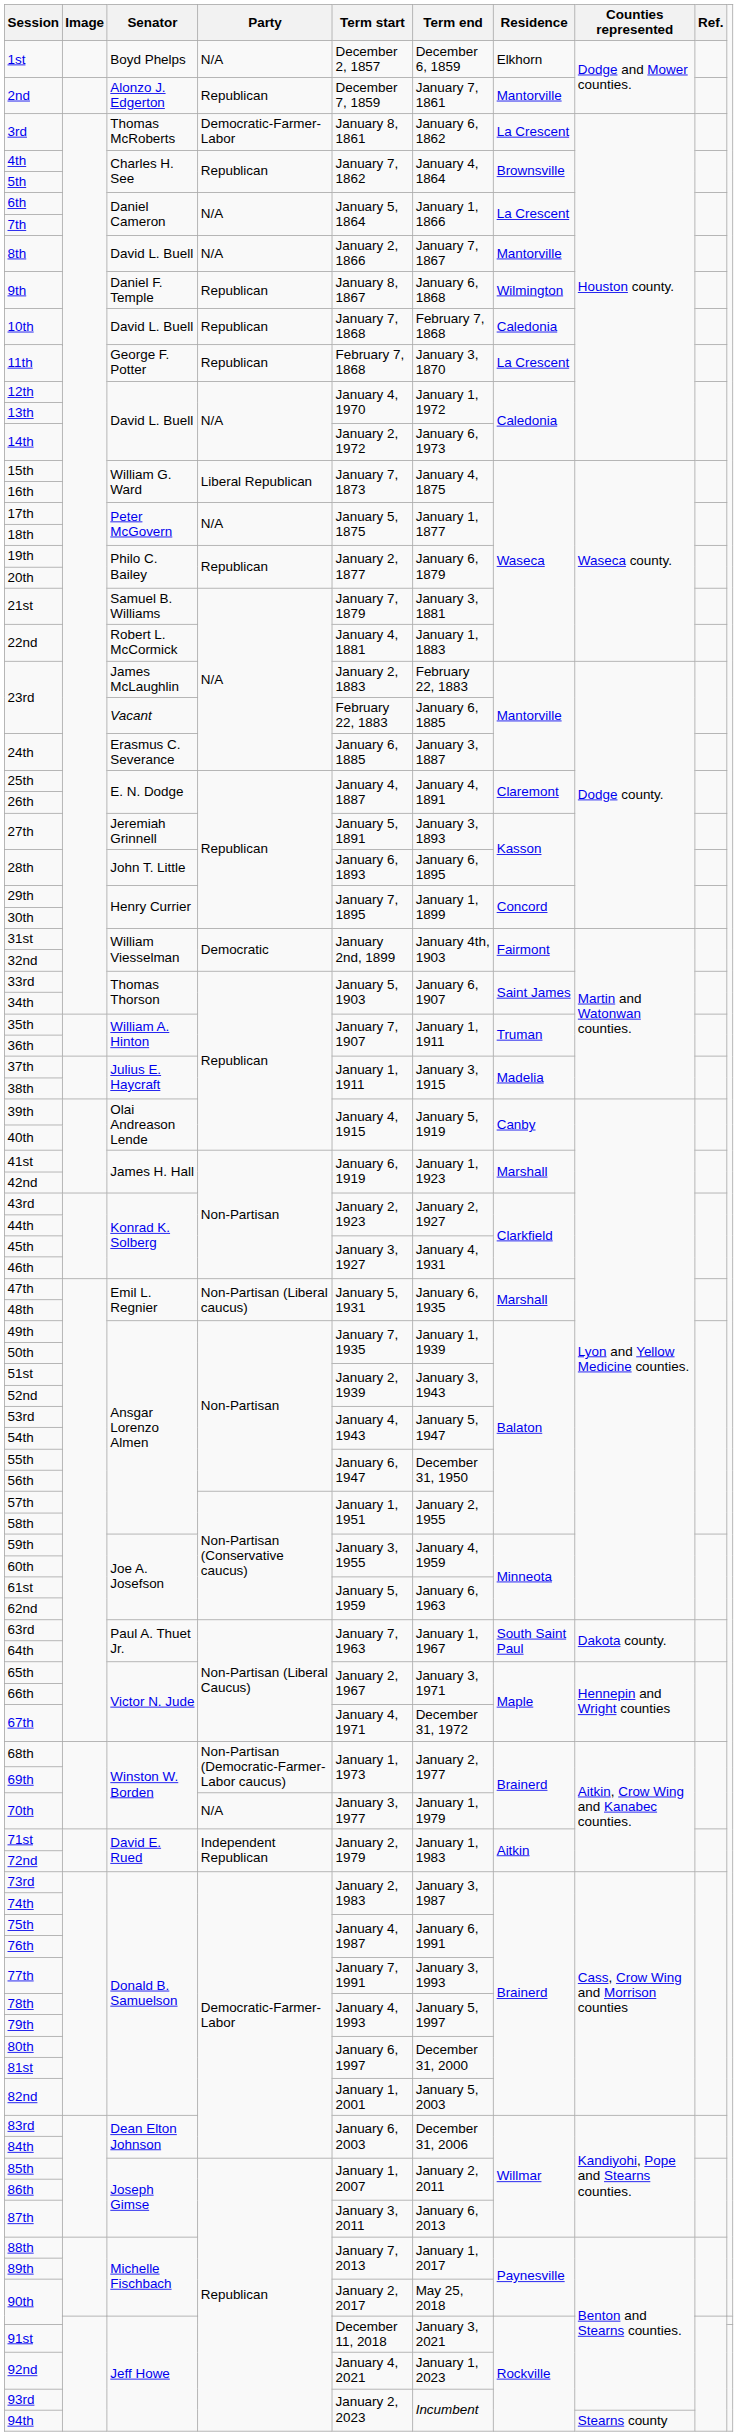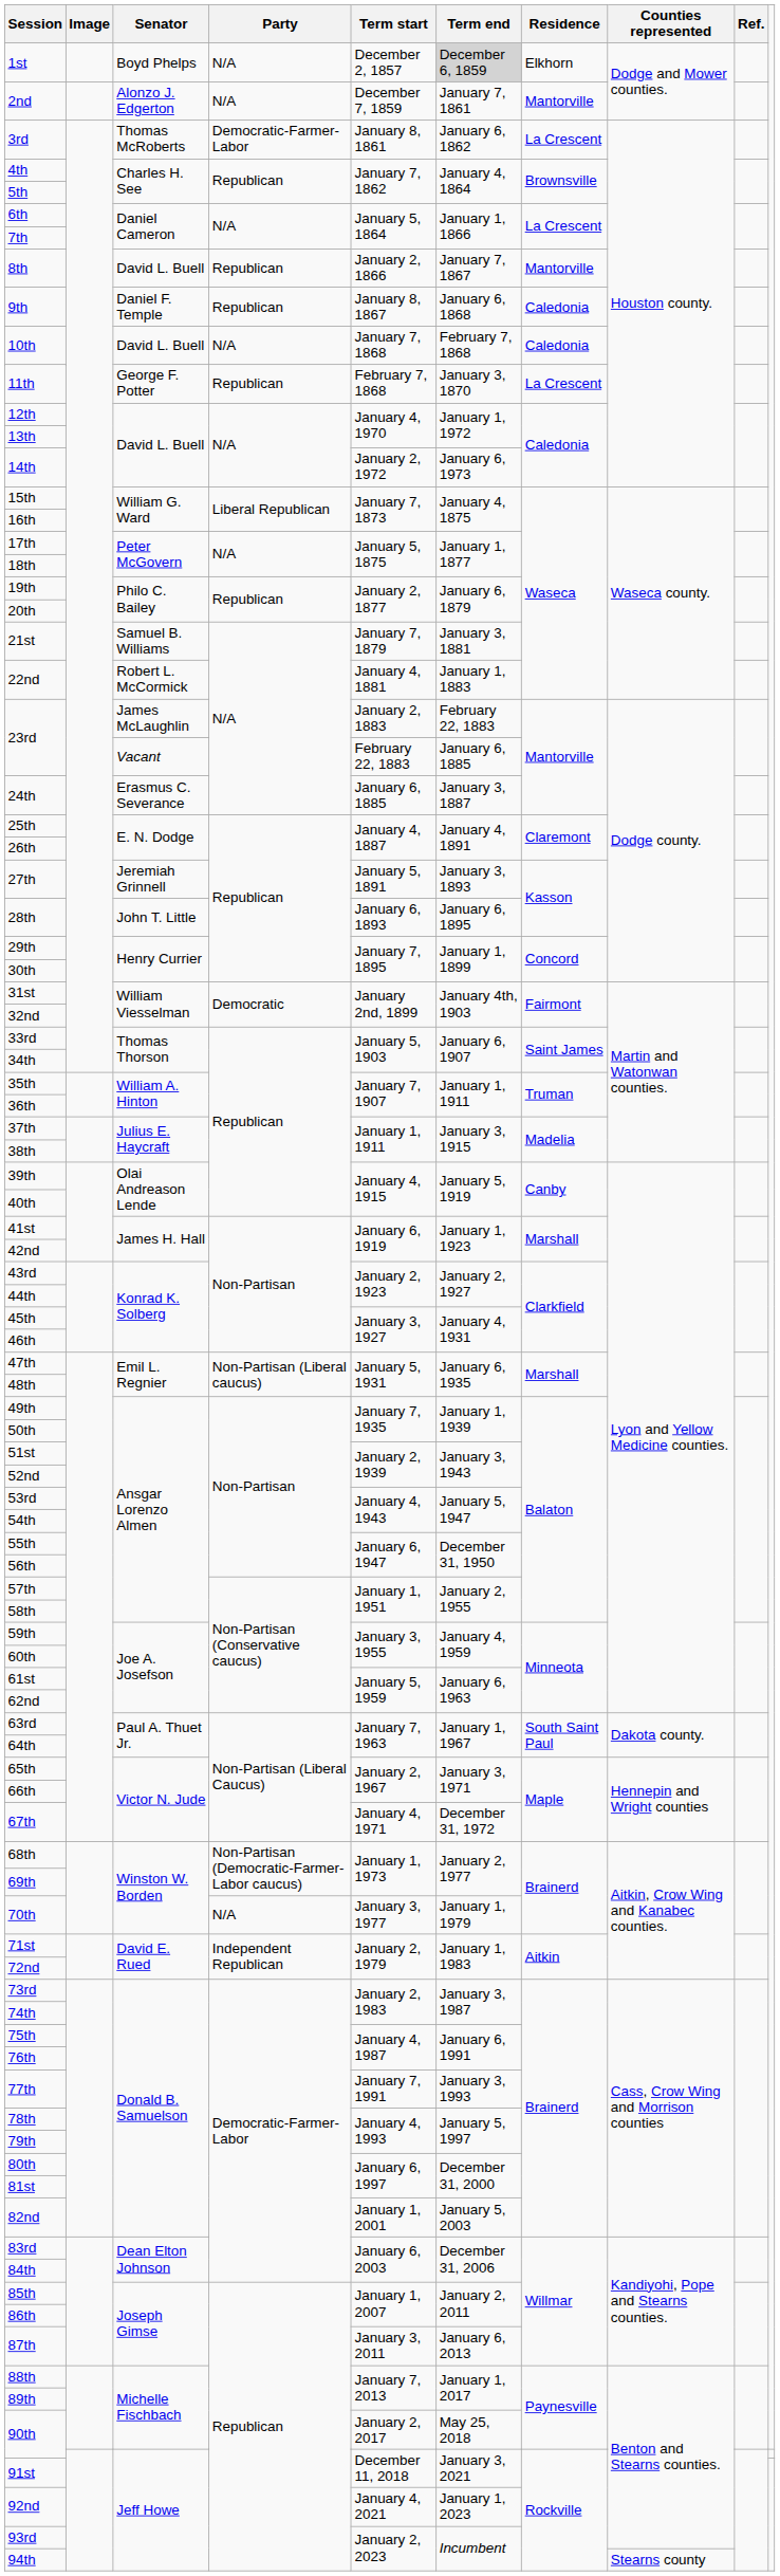 <table class="wikitable">
 <tr>
 <th>Session</th>
 <th>Image</th>
 <th>Senator</th>
 <th>Party</th>
 <th>Term start</th>
 <th>Term end</th>
 <th>Residence</th>
 <th>Counties represented</th>
 <th>Ref.</th>
 </tr>
 <tr>
 <td><a href='#'>1st</a></td>
 <td></td>
 <td>Boyd Phelps</td>
 <td>N/A</td>
 <td>December 2, 1857</td>
-<td>December 6, 1859</td>
+<td style="background: lightgrey;">December 6, 1859</td>
 <td>Elkhorn</td>
 <td rowspan="2"><a href='#'>Dodge</a> and <a href='#'>Mower</a> counties.</td>
 <td></td>
 </tr>
 <tr>
 <td><a href='#'>2nd</a></td>
 <td></td>
 <td><a href='#'>Alonzo J. Edgerton</a></td>
-<td>Republican</td>
+<td>N/A</td>
 <td>December 7, 1859</td>
 <td>January 7, 1861</td>
 <td><a href='#'>Mantorville</a></td>
 <td></td>
 </tr>
 <tr>
 <td><a href='#'>3rd</a></td>
 <td rowspan="34"></td>
 <td>Thomas McRoberts</td>
 <td>Democratic-Farmer-Labor</td>
 <td>January 8, 1861</td>
 <td>January 6, 1862</td>
 <td><a href='#'>La Crescent</a></td>
 <td rowspan="13"><a href='#'>Houston</a> county.</td>
 <td></td>
 </tr>
 <tr>
 <td><a href='#'>4th</a></td>
 <td rowspan="2">Charles H. See</td>
 <td rowspan="2">Republican</td>
 <td rowspan="2">January 7, 1862</td>
 <td rowspan="2">January 4, 1864</td>
 <td rowspan="2"><a href='#'>Brownsville</a></td>
 <td rowspan="2"></td>
 </tr>
 <tr>
 <td><a href='#'>5th</a></td>
 </tr>
 <tr>
 <td><a href='#'>6th</a></td>
 <td rowspan="2">Daniel Cameron</td>
 <td rowspan="2">N/A</td>
 <td rowspan="2">January 5, 1864</td>
 <td rowspan="2">January 1, 1866</td>
 <td rowspan="2"><a href='#'>La Crescent</a></td>
 <td rowspan="2"></td>
 </tr>
 <tr>
 <td><a href='#'>7th</a></td>
 </tr>
 <tr>
 <td><a href='#'>8th</a></td>
 <td>David L. Buell</td>
-<td>N/A</td>
+<td>Republican</td>
 <td>January 2, 1866</td>
 <td>January 7, 1867</td>
 <td><a href='#'>Mantorville</a></td>
 <td></td>
 </tr>
 <tr>
 <td><a href='#'>9th</a></td>
 <td>Daniel F. Temple</td>
 <td>Republican</td>
 <td>January 8, 1867</td>
 <td>January 6, 1868</td>
-<td><a href='#'>Wilmington</a></td>
+<td><a href='#'>Caledonia</a></td>
 <td></td>
 </tr>
 <tr>
 <td rowspan="2"><a href='#'>10th</a></td>
 <td>David L. Buell</td>
-<td>Republican</td>
+<td>N/A</td>
 <td>January 7, 1868</td>
 <td>February 7, 1868</td>
 <td><a href='#'>Caledonia</a></td>
 <td></td>
 </tr>
 <tr>
 <td rowspan="2">George F. Potter</td>
 <td rowspan="2">Republican</td>
 <td rowspan="2">February 7, 1868</td>
 <td rowspan="2">January 3, 1870</td>
 <td rowspan="2"><a href='#'>La Crescent</a></td>
 <td rowspan="2"></td>
 </tr>
 <tr>
 <td><a href='#'>11th</a></td>
 </tr>
 <tr>
 <td><a href='#'>12th</a></td>
 <td rowspan="3">David L. Buell</td>
 <td rowspan="3">N/A</td>
 <td rowspan="2">January 4, 1970</td>
 <td rowspan="2">January 1, 1972</td>
 <td rowspan="3"><a href='#'>Caledonia</a></td>
 <td rowspan="3"></td>
 </tr>
 <tr>
 <td><a href='#'>13th</a></td>
 </tr>
 <tr>
 <td><a href='#'>14th</a></td>
 <td>January 2, 1972</td>
 <td>January 6, 1973</td>
 </tr>
 <tr>
 <td>15th</td>
 <td rowspan="2">William G. Ward</td>
 <td rowspan="2">Liberal Republican</td>
 <td rowspan="2">January 7, 1873</td>
 <td rowspan="2">January 4, 1875</td>
 <td rowspan="8"><a href='#'>Waseca</a></td>
 <td rowspan="8"><a href='#'>Waseca</a> county.</td>
 <td rowspan="2"></td>
 </tr>
 <tr>
 <td>16th</td>
 </tr>
 <tr>
 <td>17th</td>
 <td rowspan="2"><a href='#'>Peter McGovern</a></td>
 <td rowspan="2">N/A</td>
 <td rowspan="2">January 5, 1875</td>
 <td rowspan="2">January 1, 1877</td>
 <td rowspan="2"></td>
 </tr>
 <tr>
 <td>18th</td>
 </tr>
 <tr>
 <td>19th</td>
 <td rowspan="2">Philo C. Bailey</td>
 <td rowspan="2">Republican</td>
 <td rowspan="2">January 2, 1877</td>
 <td rowspan="2">January 6, 1879</td>
 <td rowspan="2"></td>
 </tr>
 <tr>
 <td>20th</td>
 </tr>
 <tr>
 <td>21st</td>
 <td>Samuel B. Williams</td>
 <td rowspan="5">N/A</td>
 <td>January 7, 1879</td>
 <td>January 3, 1881</td>
 <td></td>
 </tr>
 <tr>
 <td>22nd</td>
 <td>Robert L. McCormick</td>
 <td>January 4, 1881</td>
 <td>January 1, 1883</td>
 <td></td>
 </tr>
 <tr>
 <td rowspan="2">23rd</td>
 <td>James McLaughlin</td>
 <td>January 2, 1883</td>
 <td>February 22, 1883</td>
 <td rowspan="3"><a href='#'>Mantorville</a></td>
 <td rowspan="9"><a href='#'>Dodge</a> county.</td>
 <td rowspan="2"></td>
 </tr>
 <tr>
 <td colspan="2"><em>Vacant</em></td>
 <td>February 22, 1883</td>
 <td>January 6, 1885</td>
 </tr>
 <tr>
 <td>24th</td>
 <td>Erasmus C. Severance</td>
 <td>January 6, 1885</td>
 <td>January 3, 1887</td>
 <td></td>
 </tr>
 <tr>
 <td>25th</td>
 <td rowspan="2">E. N. Dodge</td>
 <td rowspan="6">Republican</td>
 <td rowspan="2">January 4, 1887</td>
 <td rowspan="2">January 4, 1891</td>
 <td rowspan="2"><a href='#'>Claremont</a></td>
 <td rowspan="2"></td>
 </tr>
 <tr>
 <td>26th</td>
 </tr>
 <tr>
 <td>27th</td>
 <td>Jeremiah Grinnell</td>
 <td>January 5, 1891</td>
 <td>January 3, 1893</td>
 <td rowspan="2"><a href='#'>Kasson</a></td>
 <td></td>
 </tr>
 <tr>
 <td>28th</td>
 <td>John T. Little</td>
 <td>January 6, 1893</td>
 <td>January 6, 1895</td>
 <td></td>
 </tr>
 <tr>
 <td>29th</td>
 <td rowspan="2">Henry Currier</td>
 <td rowspan="2">January 7, 1895</td>
 <td rowspan="2">January 1, 1899</td>
 <td rowspan="2"><a href='#'>Concord</a></td>
 <td rowspan="2"></td>
 </tr>
 <tr>
 <td>30th</td>
 </tr>
 <tr>
 <td>31st</td>
 <td rowspan="2">William Viesselman</td>
 <td rowspan="2">Democratic</td>
 <td rowspan="2">January 2nd, 1899</td>
 <td rowspan="2">January 4th, 1903</td>
 <td rowspan="2"><a href='#'>Fairmont</a></td>
 <td rowspan="8"><a href='#'>Martin</a> and <a href='#'>Watonwan</a> counties.</td>
 <td rowspan="2"></td>
 </tr>
 <tr>
 <td>32nd</td>
 </tr>
 <tr>
 <td>33rd</td>
 <td rowspan="2">Thomas Thorson</td>
 <td rowspan="8">Republican</td>
 <td rowspan="2">January 5, 1903</td>
 <td rowspan="2">January 6, 1907</td>
 <td rowspan="2"><a href='#'>Saint James</a></td>
 <td rowspan="2"></td>
 </tr>
 <tr>
 <td>34th</td>
 </tr>
 <tr>
 <td>35th</td>
 <td rowspan="2"></td>
 <td rowspan="2"><a href='#'>William A. Hinton</a></td>
 <td rowspan="2">January 7, 1907</td>
 <td rowspan="2">January 1, 1911</td>
 <td rowspan="2"><a href='#'>Truman</a></td>
 <td rowspan="2"></td>
 </tr>
 <tr>
 <td>36th</td>
 </tr>
 <tr>
 <td>37th</td>
 <td rowspan="2"></td>
 <td rowspan="2"><a href='#'>Julius E. Haycraft</a></td>
 <td rowspan="2">January 1, 1911</td>
 <td rowspan="2">January 3, 1915</td>
 <td rowspan="2"><a href='#'>Madelia</a></td>
 <td rowspan="2"></td>
 </tr>
 <tr>
 <td>38th</td>
 </tr>
 <tr>
 <td>39th</td>
 <td rowspan="4"></td>
 <td rowspan="2">Olai Andreason Lende</td>
 <td rowspan="2">January 4, 1915</td>
 <td rowspan="2">January 5, 1919</td>
 <td rowspan="2"><a href='#'>Canby</a></td>
 <td rowspan="24"><a href='#'>Lyon</a> and <a href='#'>Yellow Medicine</a> counties.</td>
 <td rowspan="2"></td>
 </tr>
 <tr>
 <td>40th</td>
 </tr>
 <tr>
 <td>41st</td>
 <td rowspan="2">James H. Hall</td>
 <td rowspan="6">Non-Partisan</td>
 <td rowspan="2">January 6, 1919</td>
 <td rowspan="2">January 1, 1923</td>
 <td rowspan="2"><a href='#'>Marshall</a></td>
 <td rowspan="2"></td>
 </tr>
 <tr>
 <td>42nd</td>
 </tr>
 <tr>
 <td>43rd</td>
 <td rowspan="4"></td>
 <td rowspan="4"><a href='#'>Konrad K. Solberg</a></td>
 <td rowspan="2">January 2, 1923</td>
 <td rowspan="2">January 2, 1927</td>
 <td rowspan="4"><a href='#'>Clarkfield</a></td>
 <td rowspan="4"></td>
 </tr>
 <tr>
 <td>44th</td>
 </tr>
 <tr>
 <td>45th</td>
 <td rowspan="2">January 3, 1927</td>
 <td rowspan="2">January 4, 1931</td>
 </tr>
 <tr>
 <td>46th</td>
 </tr>
 <tr>
 <td>47th</td>
 <td rowspan="21"></td>
 <td rowspan="2">Emil L. Regnier</td>
 <td rowspan="2">Non-Partisan (Liberal caucus)</td>
 <td rowspan="2">January 5, 1931</td>
 <td rowspan="2">January 6, 1935</td>
 <td rowspan="2"><a href='#'>Marshall</a></td>
 <td rowspan="2"></td>
 </tr>
 <tr>
 <td>48th</td>
 </tr>
 <tr>
 <td>49th</td>
 <td rowspan="10">Ansgar Lorenzo Almen</td>
 <td rowspan="8">Non-Partisan</td>
 <td rowspan="2">January 7, 1935</td>
 <td rowspan="2">January 1, 1939</td>
 <td rowspan="10"><a href='#'>Balaton</a></td>
 <td rowspan="10"></td>
 </tr>
 <tr>
 <td>50th</td>
 </tr>
 <tr>
 <td>51st</td>
 <td rowspan="2">January 2, 1939</td>
 <td rowspan="2">January 3, 1943</td>
 </tr>
 <tr>
 <td>52nd</td>
 </tr>
 <tr>
 <td>53rd</td>
 <td rowspan="2">January 4, 1943</td>
 <td rowspan="2">January 5, 1947</td>
 </tr>
 <tr>
 <td>54th</td>
 </tr>
 <tr>
 <td>55th</td>
 <td rowspan="2">January 6, 1947</td>
 <td rowspan="2">December 31, 1950</td>
 </tr>
 <tr>
 <td>56th</td>
 </tr>
 <tr>
 <td>57th</td>
 <td rowspan="6">Non-Partisan (Conservative caucus)</td>
 <td rowspan="2">January 1, 1951</td>
 <td rowspan="2">January 2, 1955</td>
 </tr>
 <tr>
 <td>58th</td>
 </tr>
 <tr>
 <td>59th</td>
 <td rowspan="4">Joe A. Josefson</td>
 <td rowspan="2">January 3, 1955</td>
 <td rowspan="2">January 4, 1959</td>
 <td rowspan="4"><a href='#'>Minneota</a></td>
 <td rowspan="4"></td>
 </tr>
 <tr>
 <td>60th</td>
 </tr>
 <tr>
 <td>61st</td>
 <td rowspan="2">January 5, 1959</td>
 <td rowspan="2">January 6, 1963</td>
 </tr>
 <tr>
 <td>62nd</td>
 </tr>
 <tr>
 <td>63rd</td>
 <td rowspan="2">Paul A. Thuet Jr.</td>
 <td rowspan="5">Non-Partisan (Liberal Caucus)</td>
 <td rowspan="2">January 7, 1963</td>
 <td rowspan="2">January 1, 1967</td>
 <td rowspan="2"><a href='#'>South Saint Paul</a></td>
 <td rowspan="2"><a href='#'>Dakota</a> county.</td>
 <td rowspan="2"></td>
 </tr>
 <tr>
 <td>64th</td>
 </tr>
 <tr>
 <td>65th</td>
 <td rowspan="3"><a href='#'>Victor N. Jude</a></td>
 <td rowspan="2">January 2, 1967</td>
 <td rowspan="2">January 3, 1971</td>
 <td rowspan="3"><a href='#'>Maple</a></td>
 <td rowspan="3"><a href='#'>Hennepin</a> and <a href='#'>Wright</a> counties</td>
 <td rowspan="3"></td>
 </tr>
 <tr>
 <td>66th</td>
 </tr>
 <tr>
 <td><a href='#'>67th</a></td>
 <td>January 4, 1971</td>
 <td>December 31, 1972</td>
 </tr>
 <tr>
 <td>68th</td>
 <td rowspan="3"></td>
 <td rowspan="3"><a href='#'>Winston W. Borden</a></td>
 <td rowspan="2">Non-Partisan (Democratic-Farmer-Labor caucus)</td>
 <td rowspan="2">January 1, 1973</td>
 <td rowspan="2">January 2, 1977</td>
 <td rowspan="3"><a href='#'>Brainerd</a></td>
 <td rowspan="5"><a href='#'>Aitkin</a>, <a href='#'>Crow Wing</a> and <a href='#'>Kanabec</a> counties.</td>
 <td rowspan="3"></td>
 </tr>
 <tr>
 <td><a href='#'>69th</a></td>
 </tr>
 <tr>
 <td><a href='#'>70th</a></td>
 <td>N/A</td>
 <td>January 3, 1977</td>
 <td>January 1, 1979</td>
 </tr>
 <tr>
 <td><a href='#'>71st</a></td>
 <td rowspan="2"></td>
 <td rowspan="2"><a href='#'>David E. Rued</a></td>
 <td rowspan="2">Independent Republican</td>
 <td rowspan="2">January 2, 1979</td>
 <td rowspan="2">January 1, 1983</td>
 <td rowspan="2"><a href='#'>Aitkin</a></td>
 <td rowspan="2"></td>
 </tr>
 <tr>
 <td><a href='#'>72nd</a></td>
 </tr>
 <tr>
 <td><a href='#'>73rd</a></td>
 <td rowspan="10"></td>
 <td rowspan="10"><a href='#'>Donald B. Samuelson</a></td>
 <td rowspan="12">Democratic-Farmer-Labor</td>
 <td rowspan="2">January 2, 1983</td>
 <td rowspan="2">January 3, 1987</td>
 <td rowspan="10"><a href='#'>Brainerd</a></td>
 <td rowspan="10"><a href='#'>Cass</a>, <a href='#'>Crow Wing</a> and <a href='#'>Morrison</a> counties</td>
 <td rowspan="10"></td>
 </tr>
 <tr>
 <td><a href='#'>74th</a></td>
 </tr>
 <tr>
 <td><a href='#'>75th</a></td>
 <td rowspan="2">January 4, 1987</td>
 <td rowspan="2">January 6, 1991</td>
 </tr>
 <tr>
 <td><a href='#'>76th</a></td>
 </tr>
 <tr>
 <td><a href='#'>77th</a></td>
 <td>January 7, 1991</td>
 <td>January 3, 1993</td>
 </tr>
 <tr>
 <td><a href='#'>78th</a></td>
 <td rowspan="2">January 4, 1993</td>
 <td rowspan="2">January 5, 1997</td>
 </tr>
 <tr>
 <td><a href='#'>79th</a></td>
 </tr>
 <tr>
 <td><a href='#'>80th</a></td>
 <td rowspan="2">January 6, 1997</td>
 <td rowspan="2">December 31, 2000</td>
 </tr>
 <tr>
 <td><a href='#'>81st</a></td>
 </tr>
 <tr>
 <td><a href='#'>82nd</a></td>
 <td>January 1, 2001</td>
 <td>January 5, 2003</td>
 </tr>
 <tr>
 <td><a href='#'>83rd</a></td>
 <td rowspan="5"></td>
 <td rowspan="2"><a href='#'>Dean Elton Johnson</a></td>
 <td rowspan="2">January 6, 2003</td>
 <td rowspan="2">December 31, 2006</td>
 <td rowspan="5"><a href='#'>Willmar</a></td>
 <td rowspan="5"><a href='#'>Kandiyohi</a>, <a href='#'>Pope</a> and <a href='#'>Stearns</a> counties.</td>
 <td rowspan="2"></td>
 </tr>
 <tr>
 <td><a href='#'>84th</a></td>
 </tr>
 <tr>
 <td><a href='#'>85th</a></td>
 <td rowspan="3"><a href='#'>Joseph Gimse</a></td>
 <td rowspan="12">Republican</td>
 <td rowspan="2">January 1, 2007</td>
 <td rowspan="2">January 2, 2011</td>
 <td rowspan="3"></td>
 </tr>
 <tr>
 <td><a href='#'>86th</a></td>
 </tr>
 <tr>
 <td><a href='#'>87th</a></td>
 <td>January 3, 2011</td>
 <td>January 6, 2013</td>
 </tr>
 <tr>
 <td><a href='#'>88th</a></td>
 <td rowspan="3"></td>
 <td rowspan="3"><a href='#'>Michelle Fischbach</a></td>
 <td rowspan="2">January 7, 2013</td>
 <td rowspan="2">January 1, 2017</td>
 <td rowspan="3"><a href='#'>Paynesville</a></td>
 <td rowspan="8"><a href='#'>Benton</a> and <a href='#'>Stearns</a> counties.</td>
 <td rowspan="3"></td>
 </tr>
 <tr>
 <td><a href='#'>89th</a></td>
 </tr>
 <tr>
 <td rowspan="3"><a href='#'>90th</a></td>
 <td>January 2, 2017</td>
 <td>May 25, 2018</td>
 </tr>
 <tr>
 <td rowspan="7"></td>
 <td rowspan="7"><a href='#'>Jeff Howe</a></td>
 <td rowspan="3">December 11, 2018</td>
 <td rowspan="3">January 3, 2021</td>
 <td rowspan="6"><a href='#'>Rockville</a></td>
 <td rowspan="6"></td>
 </tr>
 <tr>
 <td></td>
 </tr>
 <tr>
 <td><a href='#'>91st</a></td>
 </tr>
 <tr>
 <td><a href='#'>92nd</a></td>
 <td>January 4, 2021</td>
 <td>January 1, 2023</td>
 </tr>
 <tr>
 <td><a href='#'>93rd</a></td>
 <td rowspan="2">January 2, 2023</td>
 <td rowspan="2"><em>Incumbent</em></td>
 </tr>
 <tr>
 <td><a href='#'>94th</a></td>
 <td><a href='#'>Stearns</a> county</td>
 </tr>
 </table>
